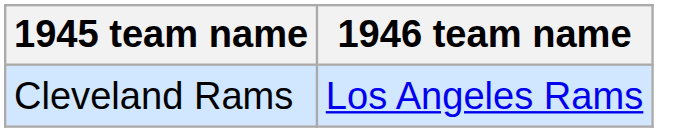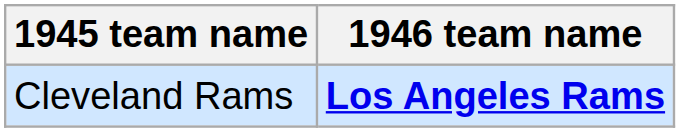 <table class="wikitable">
 <tr>
 <th>1945 team name</th>
 <th>1946 team name</th>
 </tr>
 <tr>
 <td style="background-color: #D0E7FF;">Cleveland Rams</td>
-<td style="background-color: #D0E7FF;"><a href='#'>Los Angeles Rams</a></td>
+<td style="background-color: #D0E7FF;"><strong><a href='#'>Los Angeles Rams</a></strong></td>
 </tr>
 </table>
